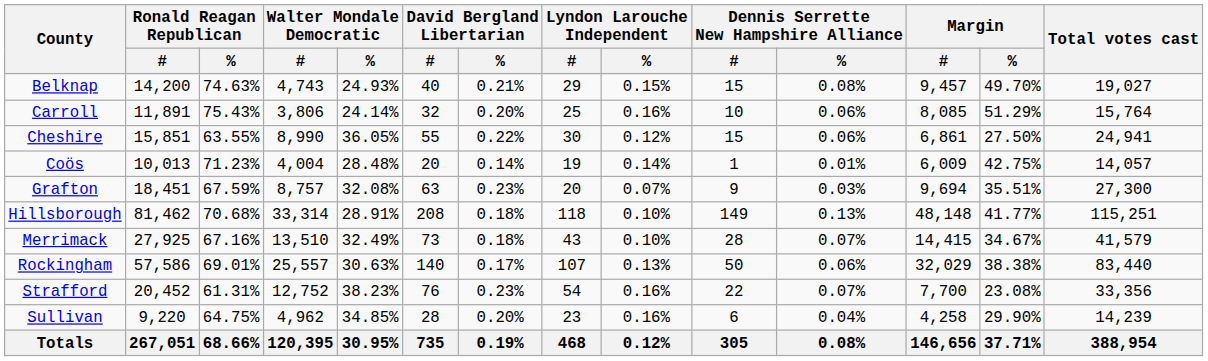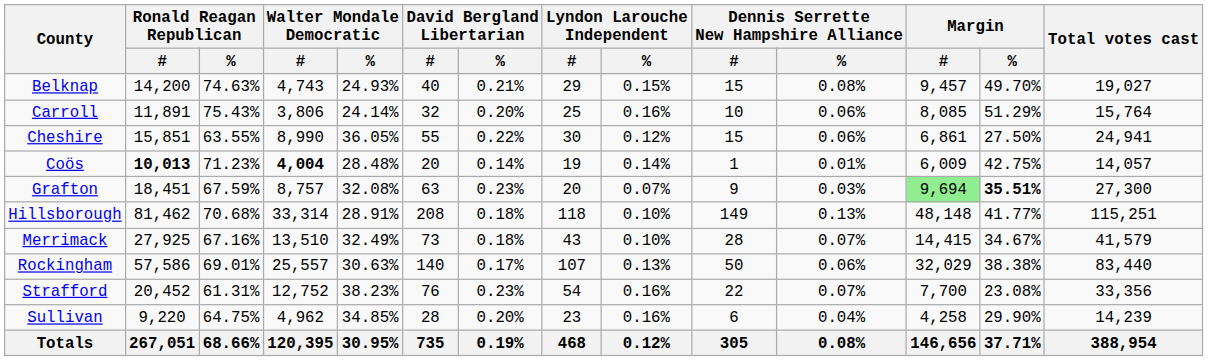 <table class="wikitable sortable">
 <tr>
 <th rowspan="2">County</th>
 <th colspan="2">Ronald Reagan<br>Republican</th>
 <th colspan="2">Walter Mondale<br>Democratic</th>
 <th colspan="2">David Bergland<br>Libertarian</th>
 <th colspan="2">Lyndon Larouche<br>Independent</th>
 <th colspan="2">Dennis Serrette<br>New Hampshire Alliance</th>
 <th colspan="2">Margin</th>
 <th rowspan="2">Total votes cast</th>
 </tr>
 <tr bgcolor="lightgrey">
 <th data-sort-type="number">#</th>
 <th data-sort-type="number">%</th>
 <th data-sort-type="number">#</th>
 <th data-sort-type="number">%</th>
 <th data-sort-type="number">#</th>
 <th data-sort-type="number">%</th>
 <th data-sort-type="number">#</th>
 <th data-sort-type="number">%</th>
 <th data-sort-type="number">#</th>
 <th data-sort-type="number">%</th>
 <th data-sort-type="number">#</th>
 <th data-sort-type="number">%</th>
 </tr>
 <tr style="text-align:center;">
 <td><a href='#'>Belknap</a></td>
 <td>14,200</td>
 <td>74.63%</td>
 <td>4,743</td>
 <td>24.93%</td>
 <td>40</td>
 <td>0.21%</td>
 <td>29</td>
 <td>0.15%</td>
 <td>15</td>
 <td>0.08%</td>
 <td>9,457</td>
 <td>49.70%</td>
 <td>19,027</td>
 </tr>
 <tr style="text-align:center;">
 <td><a href='#'>Carroll</a></td>
 <td>11,891</td>
 <td>75.43%</td>
 <td>3,806</td>
 <td>24.14%</td>
 <td>32</td>
 <td>0.20%</td>
 <td>25</td>
 <td>0.16%</td>
 <td>10</td>
 <td>0.06%</td>
 <td>8,085</td>
 <td>51.29%</td>
 <td>15,764</td>
 </tr>
 <tr style="text-align:center;">
 <td><a href='#'>Cheshire</a></td>
 <td>15,851</td>
 <td>63.55%</td>
 <td>8,990</td>
 <td>36.05%</td>
 <td>55</td>
 <td>0.22%</td>
 <td>30</td>
 <td>0.12%</td>
 <td>15</td>
 <td>0.06%</td>
 <td>6,861</td>
 <td>27.50%</td>
 <td>24,941</td>
 </tr>
 <tr style="text-align:center;">
 <td><a href='#'>Coös</a></td>
-<td>10,013</td>
+<td><strong>10,013</strong></td>
 <td>71.23%</td>
-<td>4,004</td>
+<td><strong>4,004</strong></td>
 <td>28.48%</td>
 <td>20</td>
 <td>0.14%</td>
 <td>19</td>
 <td>0.14%</td>
 <td>1</td>
 <td>0.01%</td>
 <td>6,009</td>
 <td>42.75%</td>
 <td>14,057</td>
 </tr>
 <tr style="text-align:center;">
 <td><a href='#'>Grafton</a></td>
 <td>18,451</td>
 <td>67.59%</td>
 <td>8,757</td>
 <td>32.08%</td>
 <td>63</td>
 <td>0.23%</td>
 <td>20</td>
 <td>0.07%</td>
 <td>9</td>
 <td>0.03%</td>
-<td>9,694</td>
-<td>35.51%</td>
+<td style="background: lightgreen;">9,694</td>
+<td><strong>35.51%</strong></td>
 <td>27,300</td>
 </tr>
 <tr style="text-align:center;">
 <td><a href='#'>Hillsborough</a></td>
 <td>81,462</td>
 <td>70.68%</td>
 <td>33,314</td>
 <td>28.91%</td>
 <td>208</td>
 <td>0.18%</td>
 <td>118</td>
 <td>0.10%</td>
 <td>149</td>
 <td>0.13%</td>
 <td>48,148</td>
 <td>41.77%</td>
 <td>115,251</td>
 </tr>
 <tr style="text-align:center;">
 <td><a href='#'>Merrimack</a></td>
 <td>27,925</td>
 <td>67.16%</td>
 <td>13,510</td>
 <td>32.49%</td>
 <td>73</td>
 <td>0.18%</td>
 <td>43</td>
 <td>0.10%</td>
 <td>28</td>
 <td>0.07%</td>
 <td>14,415</td>
 <td>34.67%</td>
 <td>41,579</td>
 </tr>
 <tr style="text-align:center;">
 <td><a href='#'>Rockingham</a></td>
 <td>57,586</td>
 <td>69.01%</td>
 <td>25,557</td>
 <td>30.63%</td>
 <td>140</td>
 <td>0.17%</td>
 <td>107</td>
 <td>0.13%</td>
 <td>50</td>
 <td>0.06%</td>
 <td>32,029</td>
 <td>38.38%</td>
 <td>83,440</td>
 </tr>
 <tr style="text-align:center;">
 <td><a href='#'>Strafford</a></td>
 <td>20,452</td>
 <td>61.31%</td>
 <td>12,752</td>
 <td>38.23%</td>
 <td>76</td>
 <td>0.23%</td>
 <td>54</td>
 <td>0.16%</td>
 <td>22</td>
 <td>0.07%</td>
 <td>7,700</td>
 <td>23.08%</td>
 <td>33,356</td>
 </tr>
 <tr style="text-align:center;">
 <td><a href='#'>Sullivan</a></td>
 <td>9,220</td>
 <td>64.75%</td>
 <td>4,962</td>
 <td>34.85%</td>
 <td>28</td>
 <td>0.20%</td>
 <td>23</td>
 <td>0.16%</td>
 <td>6</td>
 <td>0.04%</td>
 <td>4,258</td>
 <td>29.90%</td>
 <td>14,239</td>
 </tr>
 <tr>
 <th>Totals</th>
 <th>267,051</th>
 <th>68.66%</th>
 <th>120,395</th>
 <th>30.95%</th>
 <th>735</th>
 <th>0.19%</th>
 <th>468</th>
 <th>0.12%</th>
 <th>305</th>
 <th>0.08%</th>
 <th>146,656</th>
 <th>37.71%</th>
 <th>388,954</th>
 </tr>
 </table>
